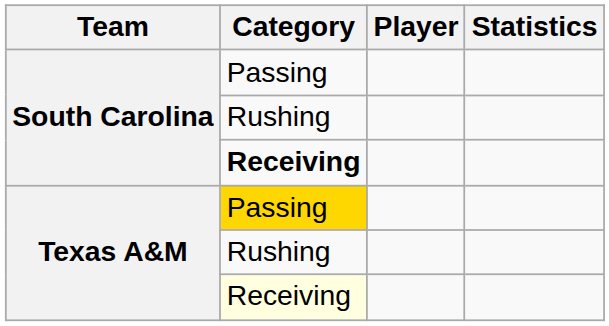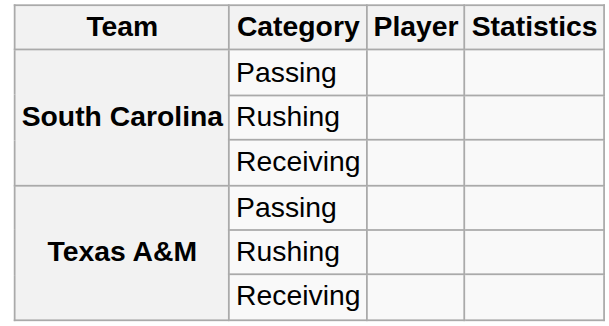 <table class="wikitable" style="float:right">
 <tr>
 <th>Team</th>
 <th>Category</th>
 <th>Player</th>
 <th>Statistics</th>
 </tr>
 <tr>
 <th rowspan=3>South Carolina</th>
 <td>Passing</td>
 <td></td>
 <td></td>
 </tr>
 <tr>
 <td>Rushing</td>
 <td></td>
 <td></td>
 </tr>
 <tr>
-<td><strong>Receiving</strong></td>
+<td>Receiving</td>
 <td></td>
 <td></td>
 </tr>
 <tr>
 <th rowspan=3>Texas A&M</th>
-<td style="background: gold;">Passing</td>
+<td>Passing</td>
 <td></td>
 <td></td>
 </tr>
 <tr>
 <td>Rushing</td>
 <td></td>
 <td></td>
 </tr>
 <tr>
-<td style="background: lightyellow;">Receiving</td>
+<td>Receiving</td>
 <td></td>
 <td></td>
 </tr>
 </table>
